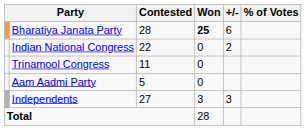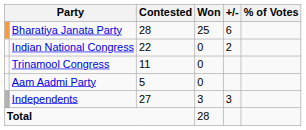 <table class="wikitable sortable">
 <tr>
 <th Colspan=2>Party</th>
 <th>Contested</th>
 <th>Won</th>
 <th>+/-</th>
 <th>% of Votes</th>
 </tr>
 <tr>
 <td bgcolor=#FF9933></td>
 <td><a href='#'>Bharatiya Janata Party</a></td>
 <td>28</td>
-<td><strong>25</strong></td>
+<td>25</td>
 <td>6</td>
 <td></td>
 </tr>
 <tr>
 <td style="background-color:"></td>
 <td><a href='#'>Indian National Congress</a></td>
 <td>22</td>
 <td>0</td>
 <td>2</td>
 <td></td>
 </tr>
 <tr>
 <td style="background-color:"></td>
 <td><a href='#'>Trinamool Congress</a></td>
 <td>11</td>
 <td>0</td>
 <td></td>
 <td></td>
 </tr>
 <tr>
 <td style="background-color:"></td>
 <td><a href='#'>Aam Aadmi Party</a></td>
 <td>5</td>
 <td>0</td>
 <td></td>
 <td></td>
 </tr>
 <tr>
 <td bgcolor=#B2B2B2></td>
 <td><a href='#'>Independents</a></td>
 <td>27</td>
 <td>3</td>
 <td>3</td>
 <td></td>
 </tr>
 <tr>
 <td colspan=3><strong>Total</strong></td>
 <td>28</td>
 <td></td>
 <td></td>
 </tr>
 </table>
